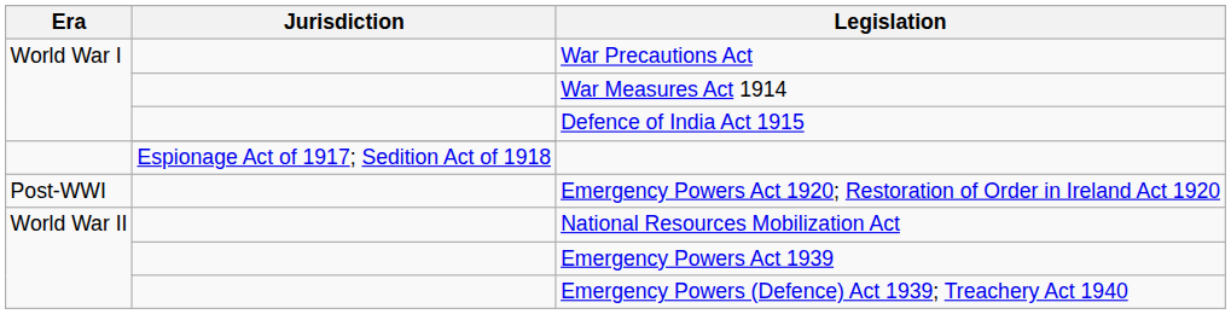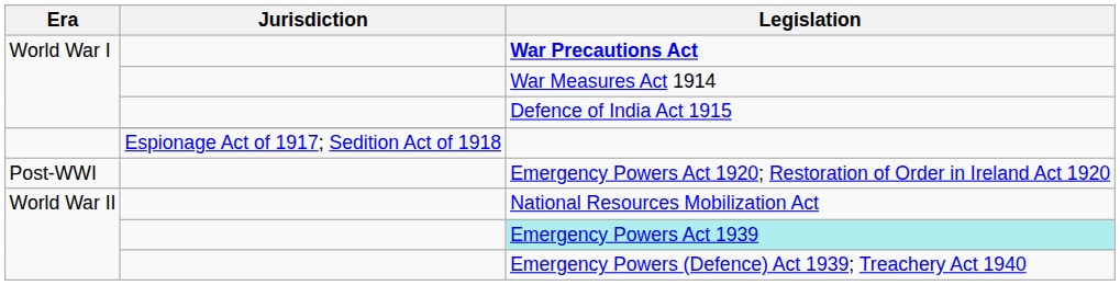 <table class = "wikitable">
 <tr>
 </tr>
 <tr>
 <th>Era</th>
 <th>Jurisdiction</th>
 <th>Legislation</th>
 </tr>
 <tr valign = "top">
 <td rowspan="4">World War I</td>
 <td></td>
-<td><a href='#'>War Precautions Act</a></td>
+<td><strong><a href='#'>War Precautions Act</a></strong></td>
 </tr>
 <tr valign = "top">
 <td></td>
 <td><a href='#'>War Measures Act</a> 1914</td>
 </tr>
 <tr valign = "top">
 <td></td>
 <td><a href='#'>Defence of India Act 1915</a></td>
 </tr>
 <tr valign = "top">
 </tr>
 <tr valign = "top">
 <td></td>
 <td><a href='#'>Espionage Act of 1917</a>; <a href='#'>Sedition Act of 1918</a></td>
 </tr>
 <tr valign = "top">
 <td>Post-WWI</td>
 <td></td>
 <td><a href='#'>Emergency Powers Act 1920</a>; <a href='#'>Restoration of Order in Ireland Act 1920</a></td>
 </tr>
 <tr valign = "top">
 <td rowspan="3">World War II</td>
 <td></td>
 <td><a href='#'>National Resources Mobilization Act</a></td>
 </tr>
 <tr valign = "top">
 <td></td>
-<td><a href='#'>Emergency Powers Act 1939</a></td>
+<td style="background: paleturquoise;"><a href='#'>Emergency Powers Act 1939</a></td>
 </tr>
 <tr valign = "top">
 <td></td>
 <td><a href='#'>Emergency Powers (Defence) Act 1939</a>; <a href='#'>Treachery Act 1940</a></td>
 </tr>
 </table>
